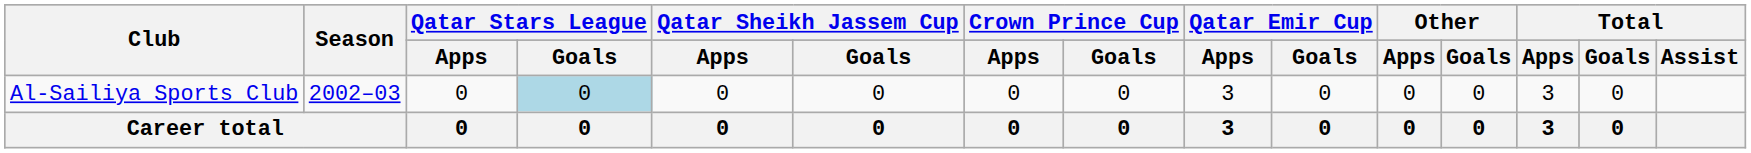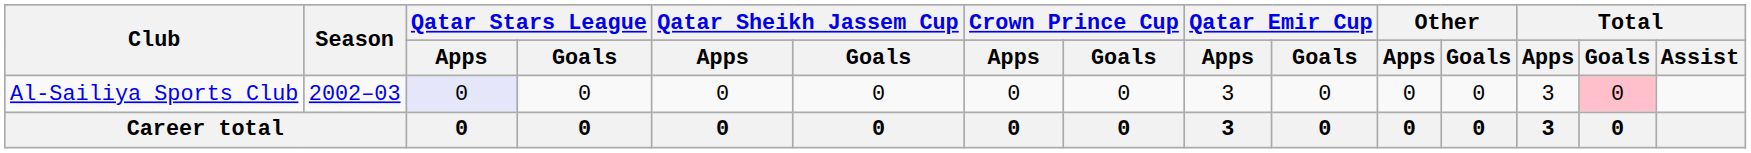 <table class="wikitable" style="text-align: center">
 <tr>
 <th rowspan="2">Club</th>
 <th rowspan="2">Season</th>
 <th colspan="2"><a href='#'>Qatar Stars League</a></th>
 <th colspan="2"><a href='#'>Qatar Sheikh Jassem Cup</a></th>
 <th colspan="2"><a href='#'>Crown Prince Cup</a></th>
 <th colspan="2"><a href='#'>Qatar Emir Cup</a></th>
 <th colspan="2">Other</th>
 <th colspan="3">Total</th>
 </tr>
 <tr>
 <th>Apps</th>
 <th>Goals</th>
 <th>Apps</th>
 <th>Goals</th>
 <th>Apps</th>
 <th>Goals</th>
 <th>Apps</th>
 <th>Goals</th>
 <th>Apps</th>
 <th>Goals</th>
 <th>Apps</th>
 <th>Goals</th>
 <th>Assist</th>
 </tr>
 <tr>
 <td rowspan="1"><a href='#'>Al-Sailiya Sports Club</a></td>
 <td><a href='#'>2002–03</a></td>
+<td style="background: lavender;">0</td>
 <td>0</td>
-<td style="background: lightblue;">0</td>
 <td>0</td>
 <td>0</td>
 <td>0</td>
 <td>0</td>
 <td>3</td>
 <td>0</td>
 <td>0</td>
 <td>0</td>
 <td>3</td>
-<td>0</td>
+<td style="background: pink;">0</td>
 <td></td>
 </tr>
 <tr>
 <th colspan="2">Career total</th>
 <th>0</th>
 <th>0</th>
 <th>0</th>
 <th>0</th>
 <th>0</th>
 <th>0</th>
 <th>3</th>
 <th>0</th>
 <th>0</th>
 <th>0</th>
 <th>3</th>
 <th>0</th>
 <th></th>
 </tr>
 </table>
